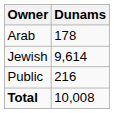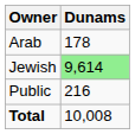 <table class="wikitable">
 <tr>
 <th>Owner</th>
 <th>Dunams</th>
 </tr>
 <tr>
 <td>Arab</td>
 <td>178</td>
 </tr>
 <tr>
 <td>Jewish</td>
-<td>9,614</td>
+<td style="background: lightgreen;">9,614</td>
 </tr>
 <tr>
 <td>Public</td>
 <td>216</td>
 </tr>
 <tr>
 <td><strong>Total</strong></td>
 <td>10,008</td>
 </tr>
 </table>
